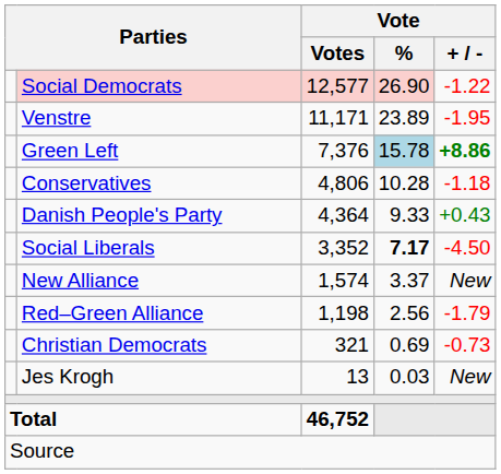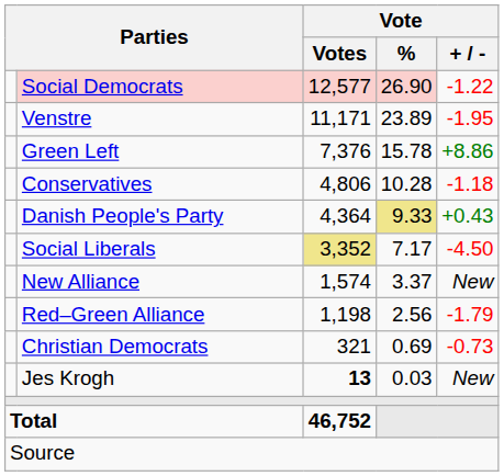 <table class="wikitable" style="text-align:right;">
 <tr>
 <th style="text-align:centre;" rowspan="2" colspan="2" width="225">Parties</th>
 <th colspan="3">Vote</th>
 </tr>
 <tr>
 <th width="15">Votes</th>
 <th width="15">%</th>
 <th width="15">+ / -</th>
 </tr>
 <tr>
 <td width="2" style="color:inherit;background:"></td>
 <td bgcolor=#fbd0ce  align="left"><a href='#'>Social Democrats</a></td>
 <td bgcolor=#fbd0ce>12,577</td>
 <td bgcolor=#fbd0ce>26.90</td>
 <td style=color:red;>-1.22</td>
 </tr>
 <tr>
 <td width="2" style="color:inherit;background:"></td>
 <td align="left"><a href='#'>Venstre</a></td>
 <td>11,171</td>
 <td>23.89</td>
 <td style=color:red;>-1.95</td>
 </tr>
 <tr>
 <td width="2" style="color:inherit;background:"></td>
 <td align="left"><a href='#'>Green Left</a></td>
 <td>7,376</td>
-<td style="background: lightblue;">15.78</td>
-<td style=color:green;><strong>+8.86</strong></td>
+<td>15.78</td>
+<td style=color:green;>+8.86</td>
 </tr>
 <tr>
 <td width="2" style="color:inherit;background:"></td>
 <td align="left"><a href='#'>Conservatives</a></td>
 <td>4,806</td>
 <td>10.28</td>
 <td style=color:red;>-1.18</td>
 </tr>
 <tr>
 <td width="2" style="color:inherit;background:"></td>
 <td align="left"><a href='#'>Danish People's Party</a></td>
 <td>4,364</td>
-<td>9.33</td>
+<td style="background: khaki;">9.33</td>
 <td style=color:green;>+0.43</td>
 </tr>
 <tr>
 <td width="2" style="color:inherit;background:"></td>
 <td align="left"><a href='#'>Social Liberals</a></td>
-<td>3,352</td>
-<td><strong>7.17</strong></td>
+<td style="background: khaki;">3,352</td>
+<td>7.17</td>
 <td style=color:red;>-4.50</td>
 </tr>
 <tr>
 <td width="2" style="color:inherit;background:"></td>
 <td align="left"><a href='#'>New Alliance</a></td>
 <td>1,574</td>
 <td>3.37</td>
 <td><em>New</em></td>
 </tr>
 <tr>
 <td width="2" style="color:inherit;background:"></td>
 <td align="left"><a href='#'>Red–Green Alliance</a></td>
 <td>1,198</td>
 <td>2.56</td>
 <td style=color:red;>-1.79</td>
 </tr>
 <tr>
 <td width="2" style="color:inherit;background:"></td>
 <td align="left"><a href='#'>Christian Democrats</a></td>
 <td>321</td>
 <td>0.69</td>
 <td style=color:red;>-0.73</td>
 </tr>
 <tr>
 <td width="2" style="color:inherit;background:"></td>
 <td align="left">Jes Krogh</td>
-<td>13</td>
+<td><strong>13</strong></td>
 <td>0.03</td>
 <td><em>New</em></td>
 </tr>
 <tr>
 <td colspan="7" bgcolor="#E9E9E9"></td>
 </tr>
 <tr>
 <td align="left" colspan="2"><strong>Total</strong></td>
 <td><strong>46,752</strong></td>
 <td bgcolor="#E9E9E9" colspan="2"></td>
 </tr>
 <tr>
 <td align="left" colspan="6">Source</td>
 </tr>
 </table>
